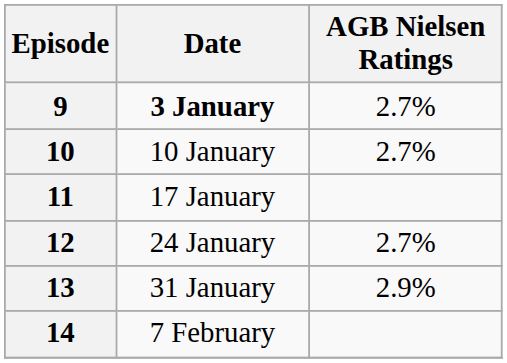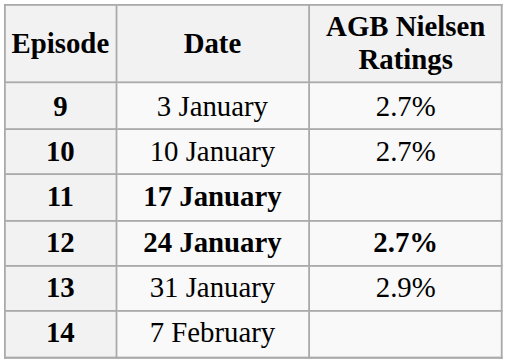 <table class=wikitable style=text-align:center>
 <tr>
 <th>Episode</th>
 <th style="width:100px;">Date</th>
 <th style="width:100px;">AGB Nielsen<br>Ratings</th>
 </tr>
 <tr>
 <th>9</th>
-<td><strong>3 January</strong></td>
+<td>3 January</td>
 <td>2.7%</td>
 </tr>
 <tr>
 <th>10</th>
 <td>10 January</td>
 <td>2.7%</td>
 </tr>
 <tr>
 <th>11</th>
-<td>17 January</td>
+<td><strong>17 January</strong></td>
 <td></td>
 </tr>
 <tr>
 <th>12</th>
-<td>24 January</td>
-<td>2.7%</td>
+<td><strong>24 January</strong></td>
+<td><strong>2.7%</strong></td>
 </tr>
 <tr>
 <th>13</th>
 <td>31 January</td>
 <td>2.9%</td>
 </tr>
 <tr>
 <th>14</th>
 <td>7 February</td>
 <td></td>
 </tr>
 <tr>
 </tr>
 </table>
